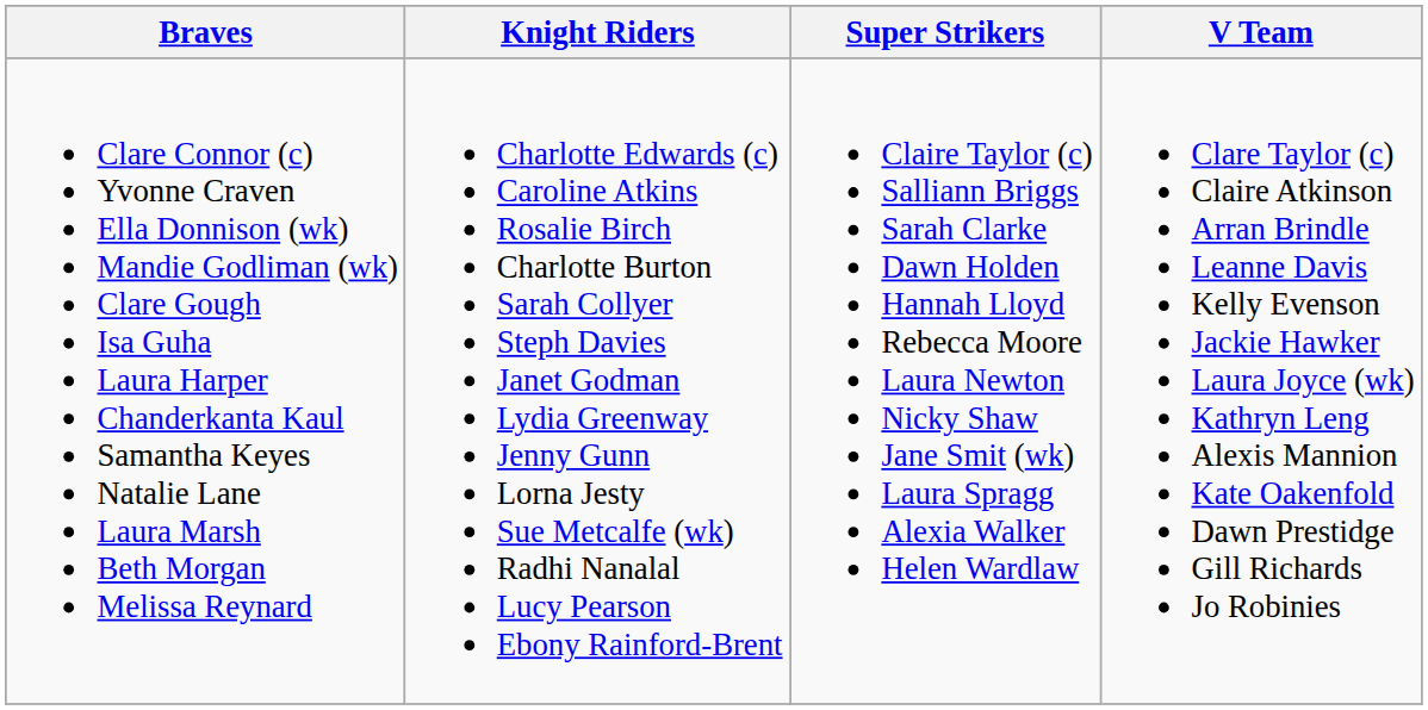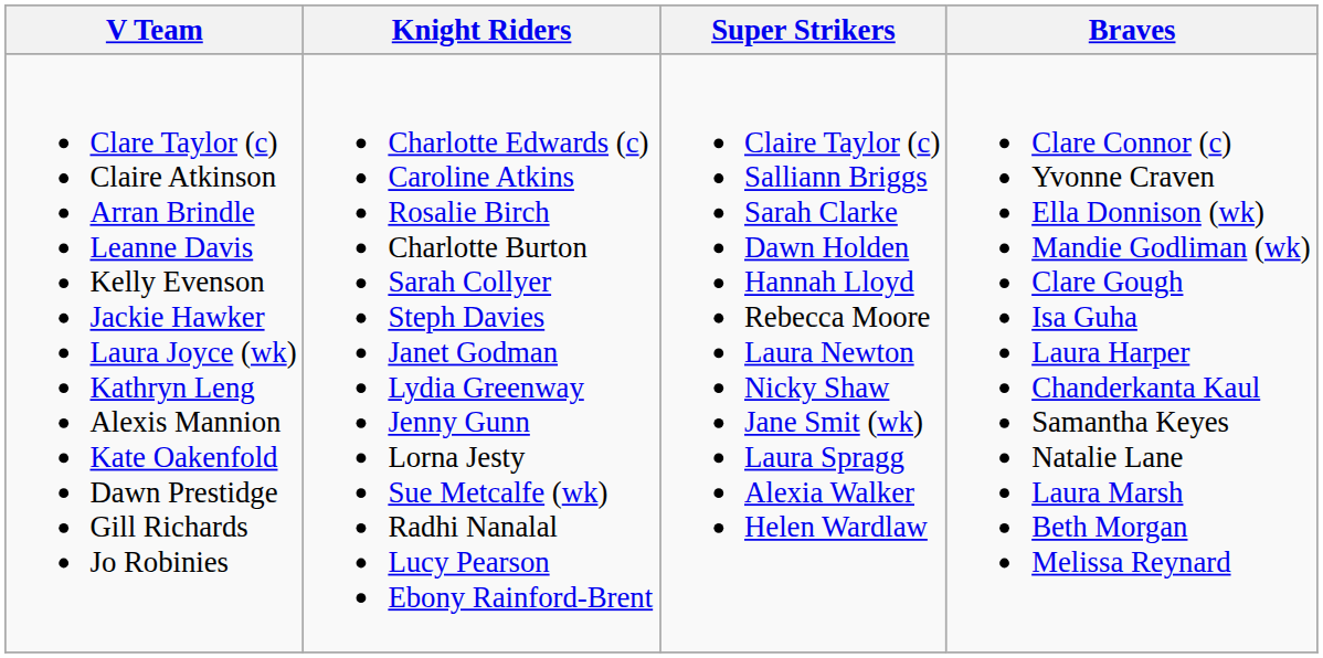 <table class="wikitable" Style="font-size:95%;">
 <tr>
-<th><a href='#'>Braves</a></th>
+<th><a href='#'>V Team</a></th>
 <th><a href='#'>Knight Riders</a></th>
 <th><a href='#'>Super Strikers</a></th>
-<th><a href='#'>V Team</a></th>
+<th><a href='#'>Braves</a></th>
 </tr>
 <tr>
-<td valign=top><br><ul><li> <a href='#'>Clare Connor</a> (<a href='#'>c</a>)</li><li> Yvonne Craven</li><li> <a href='#'>Ella Donnison</a> (<a href='#'>wk</a>)</li><li> <a href='#'>Mandie Godliman</a> (<a href='#'>wk</a>)</li><li> <a href='#'>Clare Gough</a></li><li> <a href='#'>Isa Guha</a></li><li> <a href='#'>Laura Harper</a></li><li> <a href='#'>Chanderkanta Kaul</a></li><li> Samantha Keyes</li><li> Natalie Lane</li><li> <a href='#'>Laura Marsh</a></li><li> <a href='#'>Beth Morgan</a></li><li> <a href='#'>Melissa Reynard</a></li></ul></td>
+<td valign=top><br><ul><li> <a href='#'>Clare Taylor</a> (<a href='#'>c</a>)</li><li> Claire Atkinson</li><li> <a href='#'>Arran Brindle</a></li><li> <a href='#'>Leanne Davis</a></li><li> Kelly Evenson</li><li> <a href='#'>Jackie Hawker</a></li><li> <a href='#'>Laura Joyce</a> (<a href='#'>wk</a>)</li><li> <a href='#'>Kathryn Leng</a></li><li> Alexis Mannion</li><li> <a href='#'>Kate Oakenfold</a></li><li> Dawn Prestidge</li><li> Gill Richards</li><li> Jo Robinies</li></ul></td>
 <td valign=top><br><ul><li> <a href='#'>Charlotte Edwards</a> (<a href='#'>c</a>)</li><li> <a href='#'>Caroline Atkins</a></li><li> <a href='#'>Rosalie Birch</a></li><li> Charlotte Burton</li><li> <a href='#'>Sarah Collyer</a></li><li> <a href='#'>Steph Davies</a></li><li> <a href='#'>Janet Godman</a></li><li> <a href='#'>Lydia Greenway</a></li><li> <a href='#'>Jenny Gunn</a></li><li> Lorna Jesty</li><li> <a href='#'>Sue Metcalfe</a> (<a href='#'>wk</a>)</li><li> Radhi Nanalal</li><li> <a href='#'>Lucy Pearson</a></li><li> <a href='#'>Ebony Rainford-Brent</a></li></ul></td>
 <td valign=top><br><ul><li> <a href='#'>Claire Taylor</a> (<a href='#'>c</a>)</li><li> <a href='#'>Salliann Briggs</a></li><li> <a href='#'>Sarah Clarke</a></li><li> <a href='#'>Dawn Holden</a></li><li> <a href='#'>Hannah Lloyd</a></li><li> Rebecca Moore</li><li> <a href='#'>Laura Newton</a></li><li> <a href='#'>Nicky Shaw</a></li><li> <a href='#'>Jane Smit</a> (<a href='#'>wk</a>)</li><li> <a href='#'>Laura Spragg</a></li><li> <a href='#'>Alexia Walker</a></li><li> <a href='#'>Helen Wardlaw</a></li></ul></td>
-<td valign=top><br><ul><li> <a href='#'>Clare Taylor</a> (<a href='#'>c</a>)</li><li> Claire Atkinson</li><li> <a href='#'>Arran Brindle</a></li><li> <a href='#'>Leanne Davis</a></li><li> Kelly Evenson</li><li> <a href='#'>Jackie Hawker</a></li><li> <a href='#'>Laura Joyce</a> (<a href='#'>wk</a>)</li><li> <a href='#'>Kathryn Leng</a></li><li> Alexis Mannion</li><li> <a href='#'>Kate Oakenfold</a></li><li> Dawn Prestidge</li><li> Gill Richards</li><li> Jo Robinies</li></ul></td>
+<td valign=top><br><ul><li> <a href='#'>Clare Connor</a> (<a href='#'>c</a>)</li><li> Yvonne Craven</li><li> <a href='#'>Ella Donnison</a> (<a href='#'>wk</a>)</li><li> <a href='#'>Mandie Godliman</a> (<a href='#'>wk</a>)</li><li> <a href='#'>Clare Gough</a></li><li> <a href='#'>Isa Guha</a></li><li> <a href='#'>Laura Harper</a></li><li> <a href='#'>Chanderkanta Kaul</a></li><li> Samantha Keyes</li><li> Natalie Lane</li><li> <a href='#'>Laura Marsh</a></li><li> <a href='#'>Beth Morgan</a></li><li> <a href='#'>Melissa Reynard</a></li></ul></td>
 </tr>
 </table>
